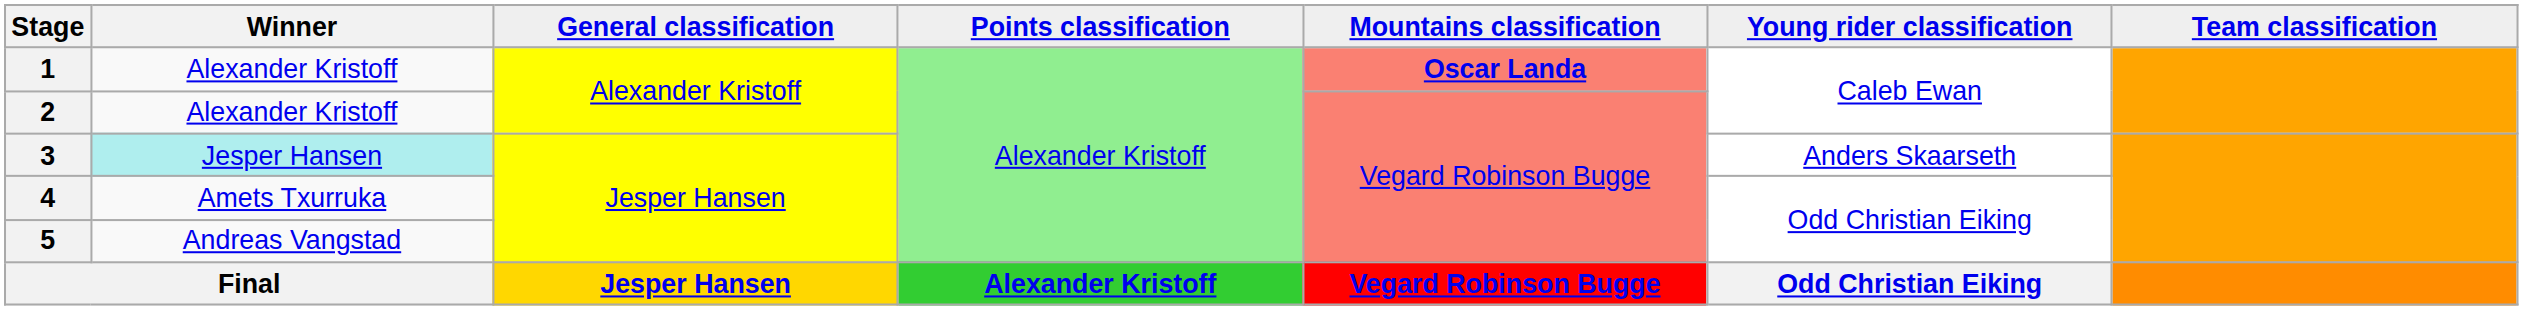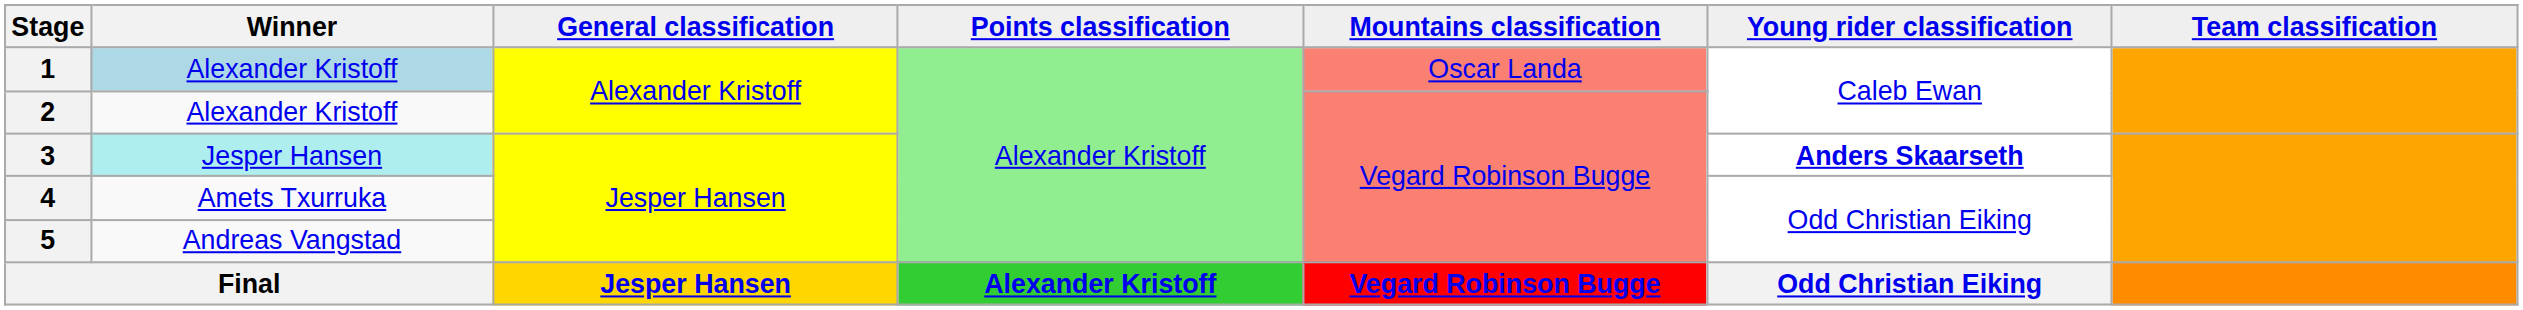 <table class="wikitable" style="text-align: center; font-size:smaller;">
 <tr>
 <th style="width:1%;">Stage</th>
 <th style="width:16.5%;">Winner</th>
 <th style="background:#efefef; width:16.5%;"><a href='#'>General classification</a><br></th>
 <th style="background:#efefef; width:16.5%;"><a href='#'>Points classification</a><br></th>
 <th style="background:#efefef; width:16.5%;"><a href='#'>Mountains classification</a><br></th>
 <th style="background:#efefef; width:16.5%;"><a href='#'>Young rider classification</a><br></th>
 <th style="background:#efefef; width:16.5%;"><a href='#'>Team classification</a></th>
 </tr>
 <tr>
 <th>1</th>
-<td><a href='#'>Alexander Kristoff</a></td>
+<td style="background: lightblue;"><a href='#'>Alexander Kristoff</a></td>
 <td style="background-color:yellow;" rowspan=2><a href='#'>Alexander Kristoff</a></td>
 <td style="background-color:lightgreen;" rowspan=5><a href='#'>Alexander Kristoff</a></td>
-<td style="background-color:salmon;"><strong><a href='#'>Oscar Landa</a></strong></td>
+<td style="background-color:salmon;"><a href='#'>Oscar Landa</a></td>
 <td style="background-color:white;" rowspan=2><a href='#'>Caleb Ewan</a></td>
 <td style="background-color:orange;" rowspan=2></td>
 </tr>
 <tr>
 <th>2</th>
 <td><a href='#'>Alexander Kristoff</a></td>
 <td style="background-color:salmon;" rowspan=4><a href='#'>Vegard Robinson Bugge</a></td>
 </tr>
 <tr>
 <th>3</th>
 <td style="background: paleturquoise;"><a href='#'>Jesper Hansen</a></td>
 <td style="background-color:yellow;" rowspan=3><a href='#'>Jesper Hansen</a></td>
-<td style="background-color:white;"><a href='#'>Anders Skaarseth</a></td>
+<td style="background-color:white;"><strong><a href='#'>Anders Skaarseth</a></strong></td>
 <td style="background-color:orange;" rowspan=3></td>
 </tr>
 <tr>
 <th>4</th>
 <td><a href='#'>Amets Txurruka</a></td>
 <td style="background-color:white;" rowspan=2><a href='#'>Odd Christian Eiking</a></td>
 </tr>
 <tr>
 <th>5</th>
 <td><a href='#'>Andreas Vangstad</a></td>
 </tr>
 <tr>
 <th colspan="2">Final</th>
 <th style="background-color:gold;"><a href='#'>Jesper Hansen</a></th>
 <th style="background-color:limegreen;"><a href='#'>Alexander Kristoff</a></th>
 <th style="background-color:red;"><a href='#'>Vegard Robinson Bugge</a></th>
 <th style="background-color:offwhite;"><a href='#'>Odd Christian Eiking</a></th>
 <th style="background-color:darkorange;"></th>
 </tr>
 </table>
